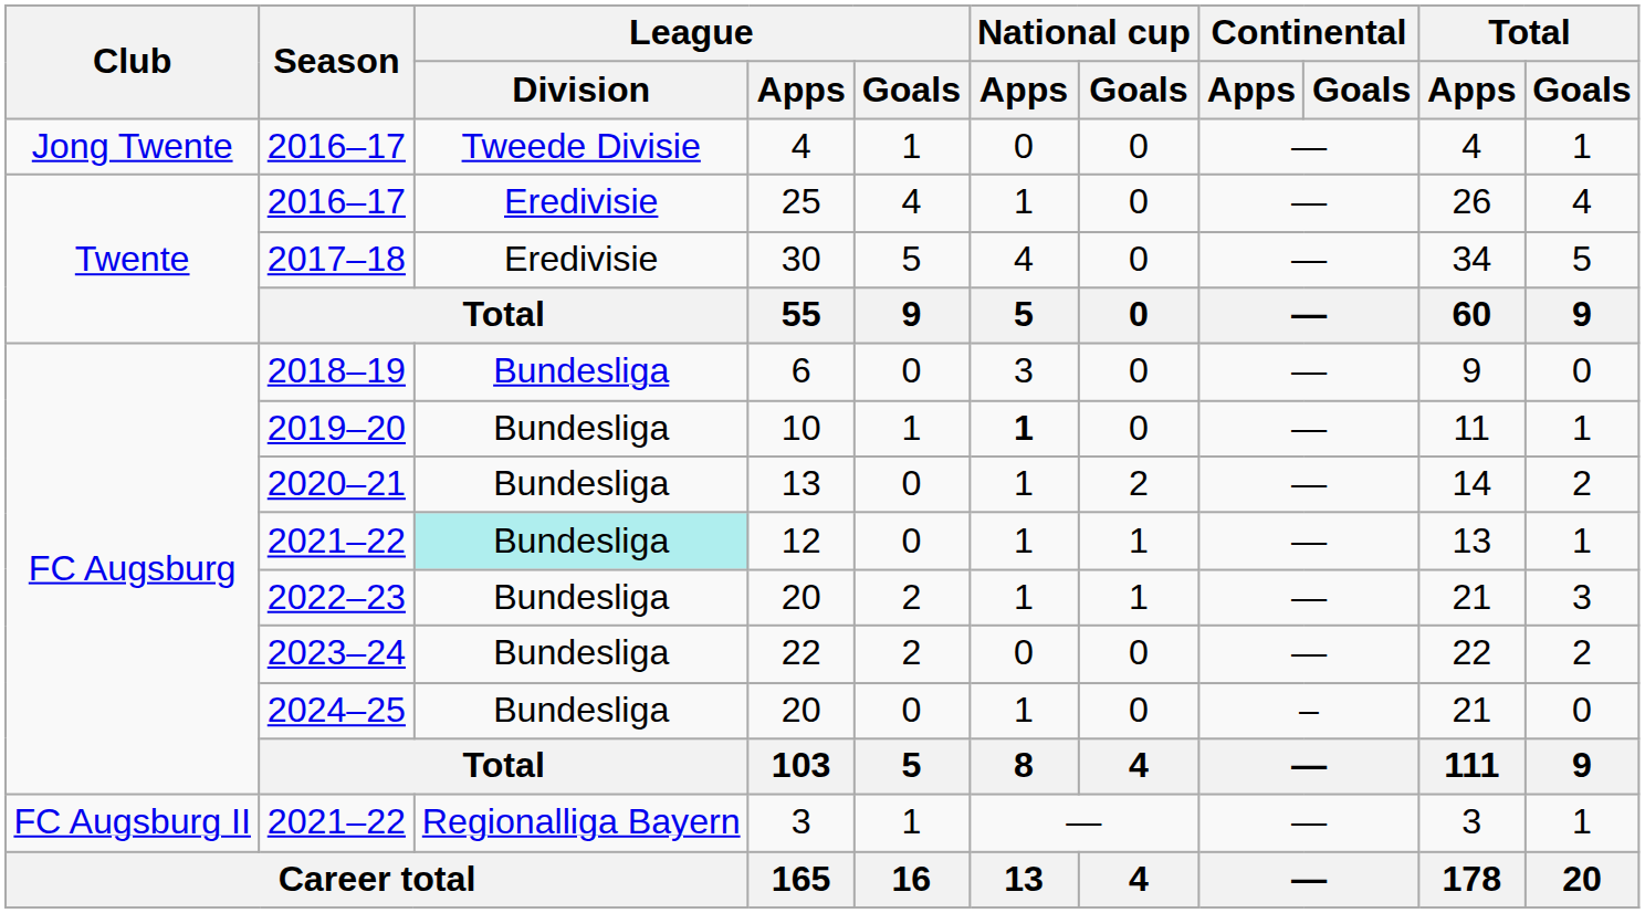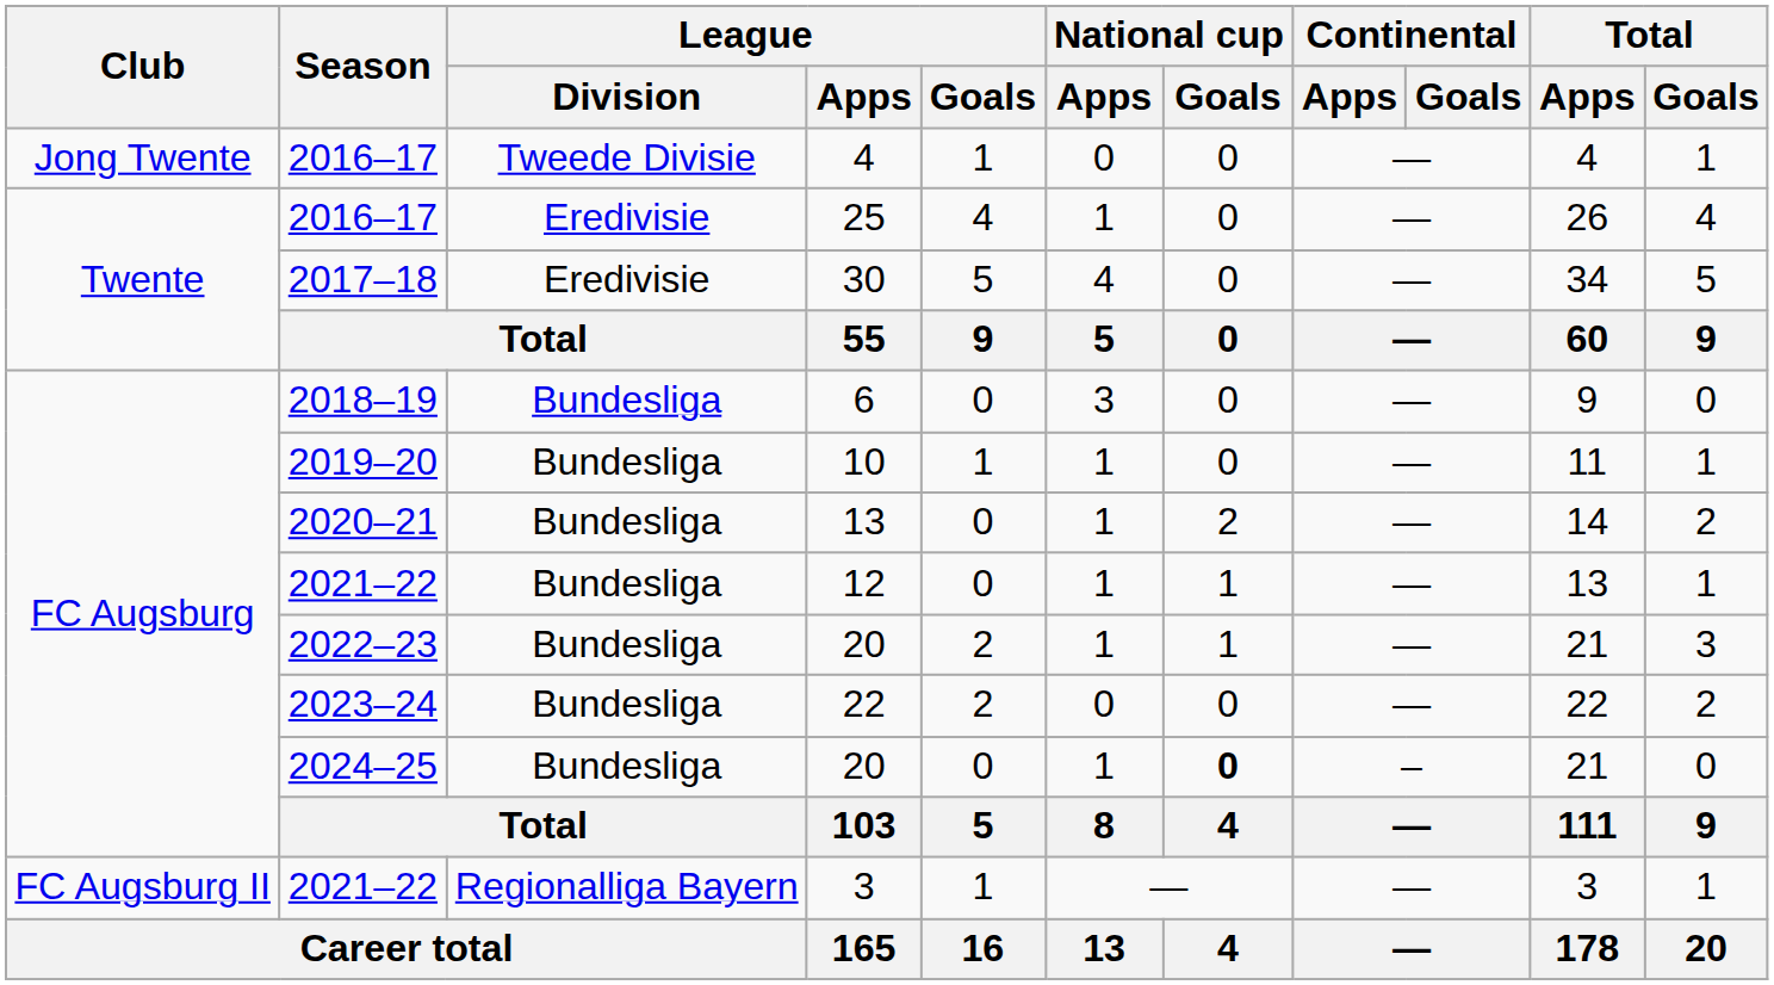 <table class="wikitable" style="text-align: center;">
 <tr>
 <th rowspan="2">Club</th>
 <th rowspan="2">Season</th>
 <th colspan="3">League</th>
 <th colspan="2">National cup</th>
 <th colspan="2">Continental</th>
 <th colspan="2">Total</th>
 </tr>
 <tr>
 <th>Division</th>
 <th>Apps</th>
 <th>Goals</th>
 <th>Apps</th>
 <th>Goals</th>
 <th>Apps</th>
 <th>Goals</th>
 <th>Apps</th>
 <th>Goals</th>
 </tr>
 <tr>
 <td><a href='#'>Jong Twente</a></td>
 <td><a href='#'>2016–17</a></td>
 <td><a href='#'>Tweede Divisie</a></td>
 <td>4</td>
 <td>1</td>
 <td>0</td>
 <td>0</td>
 <td colspan="2">—</td>
 <td>4</td>
 <td>1</td>
 </tr>
 <tr>
 <td rowspan="3"><a href='#'>Twente</a></td>
 <td><a href='#'>2016–17</a></td>
 <td><a href='#'>Eredivisie</a></td>
 <td>25</td>
 <td>4</td>
 <td>1</td>
 <td>0</td>
 <td colspan="2">—</td>
 <td>26</td>
 <td>4</td>
 </tr>
 <tr>
 <td><a href='#'>2017–18</a></td>
 <td>Eredivisie</td>
 <td>30</td>
 <td>5</td>
 <td>4</td>
 <td>0</td>
 <td colspan="2">—</td>
 <td>34</td>
 <td>5</td>
 </tr>
 <tr>
 <th colspan="2">Total</th>
 <th>55</th>
 <th>9</th>
 <th>5</th>
 <th>0</th>
 <th colspan="2">—</th>
 <th>60</th>
 <th>9</th>
 </tr>
 <tr>
 <td rowspan="8"><a href='#'>FC Augsburg</a></td>
 <td><a href='#'>2018–19</a></td>
 <td><a href='#'>Bundesliga</a></td>
 <td>6</td>
 <td>0</td>
 <td>3</td>
 <td>0</td>
 <td colspan="2">—</td>
 <td>9</td>
 <td>0</td>
 </tr>
 <tr>
 <td><a href='#'>2019–20</a></td>
 <td>Bundesliga</td>
 <td>10</td>
 <td>1</td>
-<td><strong>1</strong></td>
+<td>1</td>
 <td>0</td>
 <td colspan="2">—</td>
 <td>11</td>
 <td>1</td>
 </tr>
 <tr>
 <td><a href='#'>2020–21</a></td>
 <td>Bundesliga</td>
 <td>13</td>
 <td>0</td>
 <td>1</td>
 <td>2</td>
 <td colspan="2">—</td>
 <td>14</td>
 <td>2</td>
 </tr>
 <tr>
 <td><a href='#'>2021–22</a></td>
-<td style="background: paleturquoise;">Bundesliga</td>
+<td>Bundesliga</td>
 <td>12</td>
 <td>0</td>
 <td>1</td>
 <td>1</td>
 <td colspan="2">—</td>
 <td>13</td>
 <td>1</td>
 </tr>
 <tr>
 <td><a href='#'>2022–23</a></td>
 <td>Bundesliga</td>
 <td>20</td>
 <td>2</td>
 <td>1</td>
 <td>1</td>
 <td colspan="2">—</td>
 <td>21</td>
 <td>3</td>
 </tr>
 <tr>
 <td><a href='#'>2023–24</a></td>
 <td>Bundesliga</td>
 <td>22</td>
 <td>2</td>
 <td>0</td>
 <td>0</td>
 <td colspan="2">—</td>
 <td>22</td>
 <td>2</td>
 </tr>
 <tr>
 <td><a href='#'>2024–25</a></td>
 <td>Bundesliga</td>
 <td>20</td>
 <td>0</td>
 <td>1</td>
-<td>0</td>
+<td><strong>0</strong></td>
 <td colspan=2>–</td>
 <td>21</td>
 <td>0</td>
 </tr>
 <tr>
 <th colspan="2">Total</th>
 <th>103</th>
 <th>5</th>
 <th>8</th>
 <th>4</th>
 <th colspan="2">—</th>
 <th>111</th>
 <th>9</th>
 </tr>
 <tr>
 <td><a href='#'>FC Augsburg II</a></td>
 <td><a href='#'>2021–22</a></td>
 <td><a href='#'>Regionalliga Bayern</a></td>
 <td>3</td>
 <td>1</td>
 <td colspan="2">—</td>
 <td colspan="2">—</td>
 <td>3</td>
 <td>1</td>
 </tr>
 <tr>
 <th colspan="3">Career total</th>
 <th>165</th>
 <th>16</th>
 <th>13</th>
 <th>4</th>
 <th colspan="2">—</th>
 <th>178</th>
 <th>20</th>
 </tr>
 </table>
